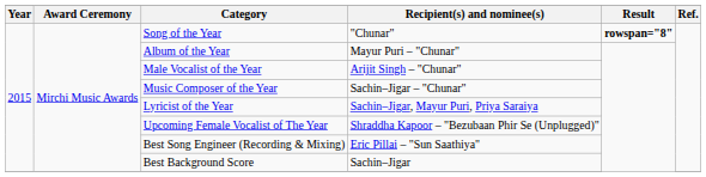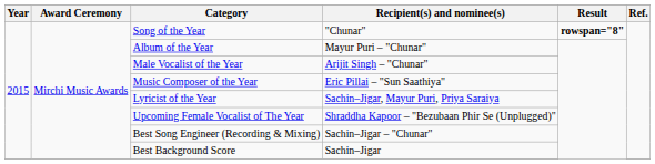 <table class="wikitable sortable">
 <tr style="background:#ccc; text-align:center;" bgcolor="#B0C4DE">
 </tr>
 <tr>
 <th>Year</th>
 <th>Award Ceremony</th>
 <th>Category</th>
 <th>Recipient(s) and nominee(s)</th>
 <th>Result</th>
 <th>Ref.</th>
 </tr>
 <tr>
 <td rowspan="8"><a href='#'>2015</a></td>
 <td rowspan="8"><a href='#'>Mirchi Music Awards</a></td>
 <td><a href='#'>Song of the Year</a></td>
 <td>"Chunar"</td>
 <td><strong>rowspan="8" </strong></td>
 <td rowspan="8"></td>
 </tr>
 <tr>
 <td><a href='#'>Album of the Year</a></td>
 <td>Mayur Puri – "Chunar"</td>
 </tr>
 <tr>
 <td><a href='#'>Male Vocalist of the Year</a></td>
 <td><a href='#'>Arijit Singh</a> – "Chunar"</td>
 </tr>
 <tr>
 <td><a href='#'>Music Composer of the Year</a></td>
-<td>Sachin–Jigar – "Chunar"</td>
+<td><a href='#'>Eric Pillai</a> – "Sun Saathiya"</td>
 </tr>
 <tr>
 <td><a href='#'>Lyricist of the Year</a></td>
 <td><a href='#'>Sachin–Jigar</a>, <a href='#'>Mayur Puri</a>, <a href='#'>Priya Saraiya</a></td>
 </tr>
 <tr>
 <td><a href='#'>Upcoming Female Vocalist of The Year</a></td>
 <td><a href='#'>Shraddha Kapoor</a> – "Bezubaan Phir Se (Unplugged)"</td>
 </tr>
 <tr>
 <td>Best Song Engineer (Recording & Mixing)</td>
-<td><a href='#'>Eric Pillai</a> – "Sun Saathiya"</td>
+<td>Sachin–Jigar – "Chunar"</td>
 </tr>
 <tr>
 <td>Best Background Score</td>
 <td>Sachin–Jigar</td>
 </tr>
 <tr>
 </tr>
 </table>
